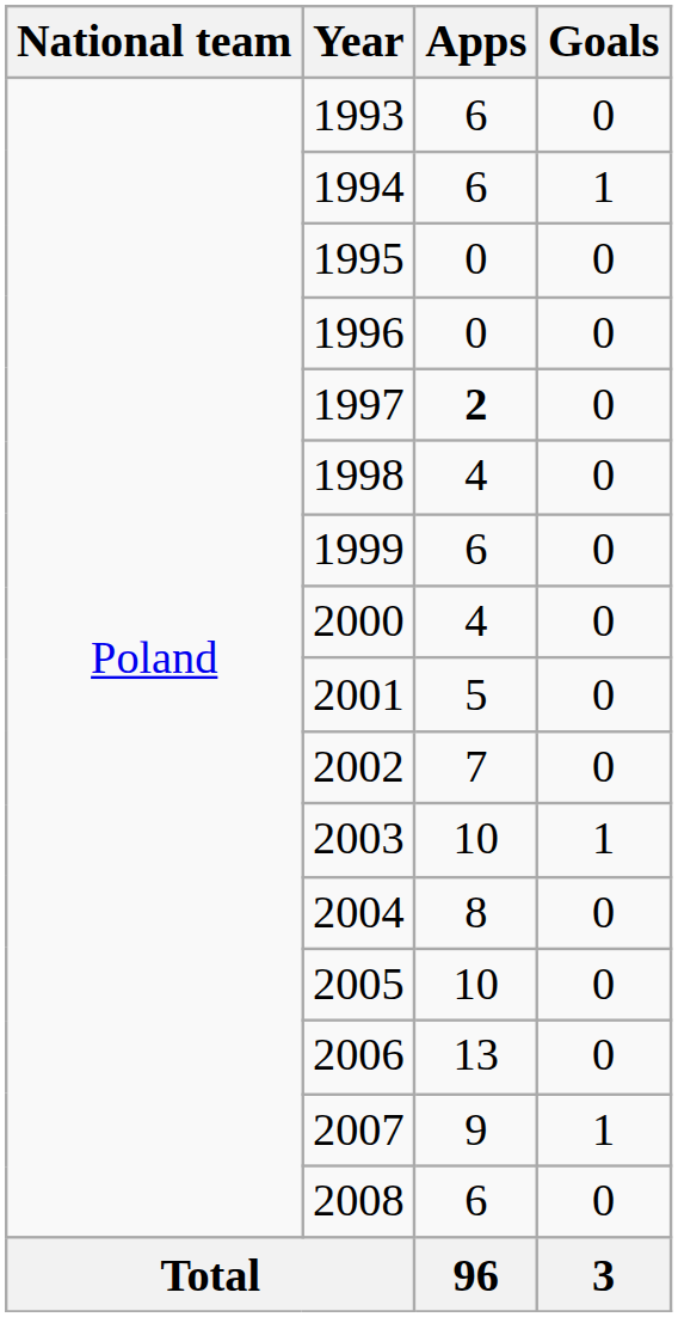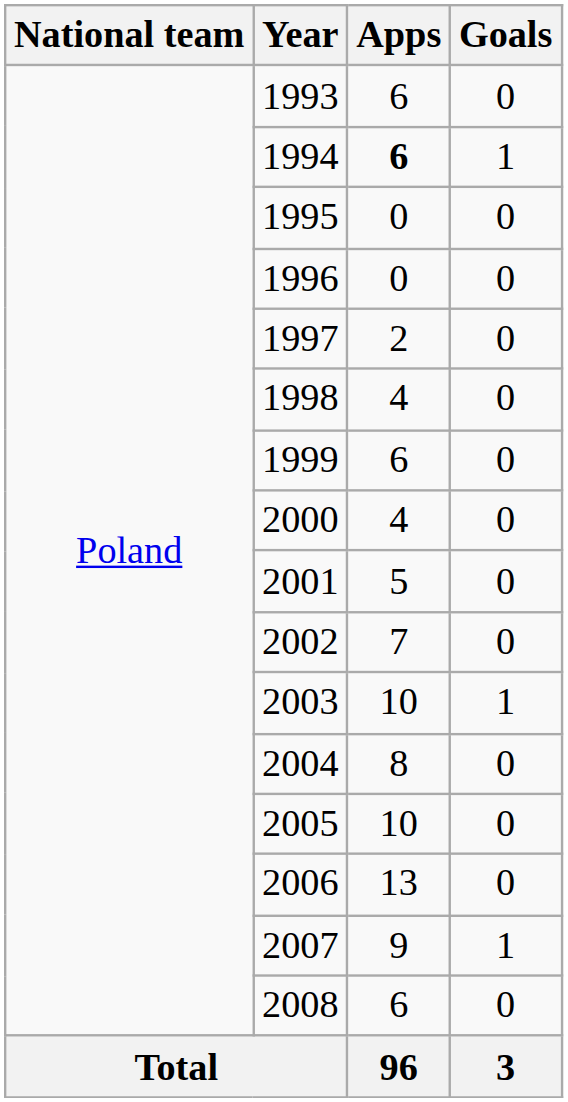 <table class="wikitable" style="text-align:center">
 <tr>
 <th>National team</th>
 <th>Year</th>
 <th>Apps</th>
 <th>Goals</th>
 </tr>
 <tr>
 <td rowspan="16"><a href='#'>Poland</a></td>
 <td>1993</td>
 <td>6</td>
 <td>0</td>
 </tr>
 <tr>
 <td>1994</td>
-<td>6</td>
+<td><strong>6</strong></td>
 <td>1</td>
 </tr>
 <tr>
 <td>1995</td>
 <td>0</td>
 <td>0</td>
 </tr>
 <tr>
 <td>1996</td>
 <td>0</td>
 <td>0</td>
 </tr>
 <tr>
 <td>1997</td>
-<td><strong>2</strong></td>
+<td>2</td>
 <td>0</td>
 </tr>
 <tr>
 <td>1998</td>
 <td>4</td>
 <td>0</td>
 </tr>
 <tr>
 <td>1999</td>
 <td>6</td>
 <td>0</td>
 </tr>
 <tr>
 <td>2000</td>
 <td>4</td>
 <td>0</td>
 </tr>
 <tr>
 <td>2001</td>
 <td>5</td>
 <td>0</td>
 </tr>
 <tr>
 <td>2002</td>
 <td>7</td>
 <td>0</td>
 </tr>
 <tr>
 <td>2003</td>
 <td>10</td>
 <td>1</td>
 </tr>
 <tr>
 <td>2004</td>
 <td>8</td>
 <td>0</td>
 </tr>
 <tr>
 <td>2005</td>
 <td>10</td>
 <td>0</td>
 </tr>
 <tr>
 <td>2006</td>
 <td>13</td>
 <td>0</td>
 </tr>
 <tr>
 <td>2007</td>
 <td>9</td>
 <td>1</td>
 </tr>
 <tr>
 <td>2008</td>
 <td>6</td>
 <td>0</td>
 </tr>
 <tr>
 <th colspan="2">Total</th>
 <th>96</th>
 <th>3</th>
 </tr>
 </table>
